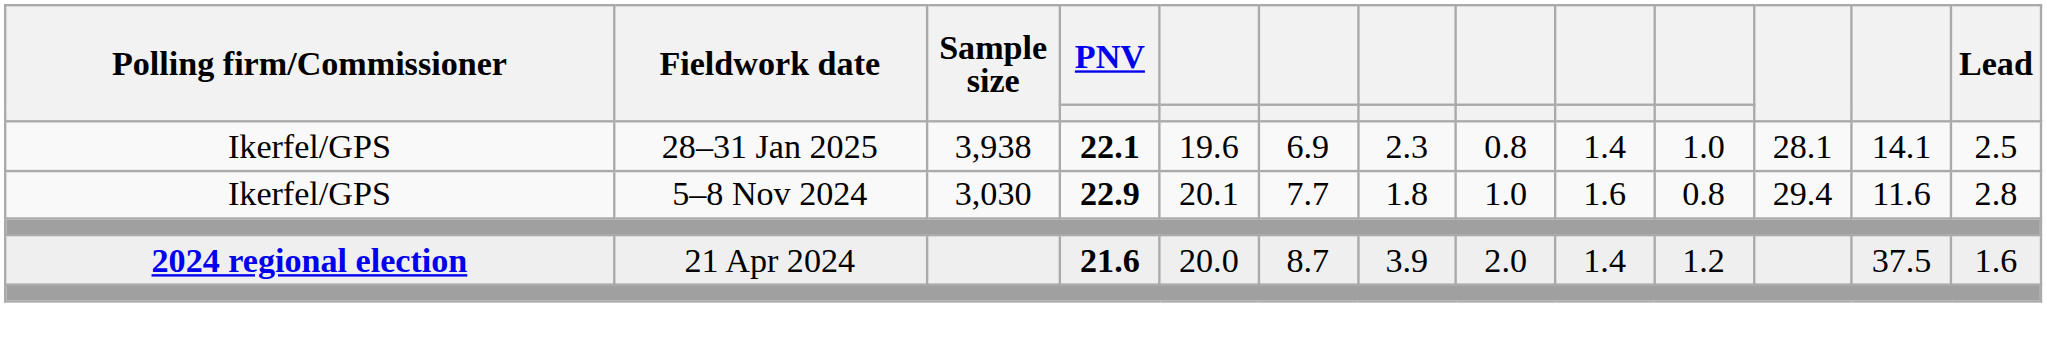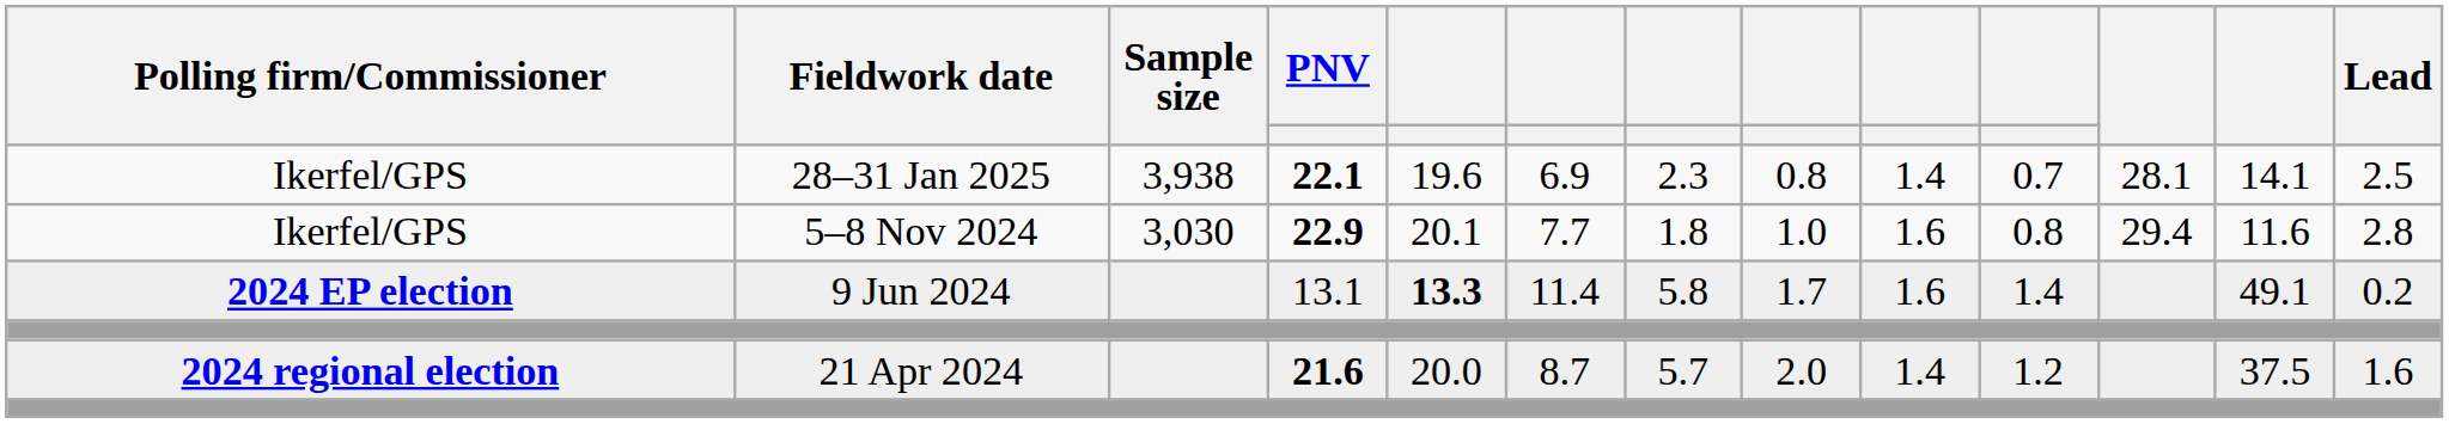 <table class="wikitable collapsible collapsed" style="text-align:center; font-size:90%; line-height:14px;">
 <tr style="height:42px;">
 <th style="width:250px;" rowspan="2">Polling firm/Commissioner</th>
 <th style="width:125px;" rowspan="2">Fieldwork date</th>
 <th style="width:50px;" rowspan="2">Sample size</th>
 <th style="width:35px;"><a href='#'>PNV</a></th>
 <th style="width:35px;"></th>
 <th style="width:35px;"></th>
 <th style="width:35px;"></th>
 <th style="width:35px;"></th>
 <th style="width:35px;"></th>
 <th style="width:35px;"></th>
 <th style="width:35px;" rowspan="2"></th>
 <th style="width:35px;" rowspan="2"></th>
 <th style="width:30px;" rowspan="2">Lead</th>
 </tr>
 <tr>
 <th style="color:inherit;background:"></th>
 <th style="color:inherit;background:"></th>
 <th style="color:inherit;background:"></th>
 <th style="color:inherit;background:"></th>
 <th style="color:inherit;background:"></th>
 <th style="color:inherit;background:"></th>
 <th style="color:inherit;background:"></th>
 </tr>
 <tr>
 <td>Ikerfel/GPS</td>
 <td>28–31 Jan 2025</td>
 <td>3,938</td>
 <td><strong>22.1</strong></td>
 <td>19.6</td>
 <td>6.9</td>
 <td>2.3</td>
 <td>0.8</td>
 <td>1.4</td>
-<td>1.0</td>
+<td>0.7</td>
 <td>28.1</td>
 <td>14.1</td>
 <td style="background:">2.5</td>
 </tr>
 <tr>
 <td>Ikerfel/GPS</td>
 <td>5–8 Nov 2024</td>
 <td>3,030</td>
 <td><strong>22.9</strong></td>
 <td>20.1</td>
 <td>7.7</td>
 <td>1.8</td>
 <td>1.0</td>
 <td>1.6</td>
 <td>0.8</td>
 <td>29.4</td>
 <td>11.6</td>
 <td style="background:">2.8</td>
 </tr>
+<tr style="background:#EFEFEF;">
+<td><strong><a href='#'>2024 EP election</a></strong></td>
+<td>9 Jun 2024</td>
+<td></td>
+<td>13.1</td>
+<td><strong>13.3</strong></td>
+<td>11.4</td>
+<td>5.8</td>
+<td>1.7</td>
+<td>1.6</td>
+<td>1.4</td>
+<td></td>
+<td>49.1</td>
+<td style="background:">0.2</td>
+</tr>
 <tr>
 <td colspan="13" style="background:#A0A0A0"></td>
 </tr>
 <tr style="background:#EFEFEF;">
 <td><strong><a href='#'>2024 regional election</a></strong></td>
 <td>21 Apr 2024</td>
 <td></td>
 <td><strong>21.6</strong></td>
 <td>20.0</td>
 <td>8.7</td>
-<td>3.9</td>
+<td>5.7</td>
 <td>2.0</td>
 <td>1.4</td>
 <td>1.2</td>
 <td></td>
 <td>37.5</td>
 <td style="background:">1.6</td>
 </tr>
 <tr>
 <td colspan="13" style="background:#A0A0A0"></td>
 </tr>
 </table>
